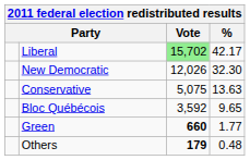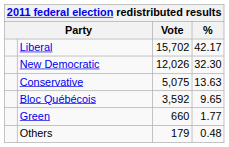 <table class="wikitable">
 <tr>
 <th colspan="4"><a href='#'>2011 federal election</a> redistributed results</th>
 </tr>
 <tr>
 <th bgcolor="#DDDDFF" width="130px" colspan="2">Party</th>
 <th bgcolor="#DDDDFF" width="50px">Vote</th>
 <th bgcolor="#DDDDFF" width="30px">%</th>
 </tr>
 <tr>
 <td> </td>
 <td><a href='#'>Liberal</a></td>
-<td align=right style="background: lightgreen;">15,702</td>
+<td align=right>15,702</td>
 <td align=right>42.17</td>
 </tr>
 <tr>
 <td> </td>
 <td><a href='#'>New Democratic</a></td>
 <td align=right>12,026</td>
 <td align=right>32.30</td>
 </tr>
 <tr>
 <td> </td>
 <td><a href='#'>Conservative</a></td>
 <td align=right>5,075</td>
 <td align=right>13.63</td>
 </tr>
 <tr>
 <td> </td>
 <td><a href='#'>Bloc Québécois</a></td>
 <td align=right>3,592</td>
 <td align=right>9.65</td>
 </tr>
 <tr>
 <td> </td>
 <td><a href='#'>Green</a></td>
-<td align=right><strong>660</strong></td>
+<td align=right>660</td>
 <td align=right>1.77</td>
 </tr>
 <tr>
 <td> </td>
 <td>Others</td>
-<td align=right><strong>179</strong></td>
+<td align=right>179</td>
 <td align=right>0.48</td>
 </tr>
 </table>
